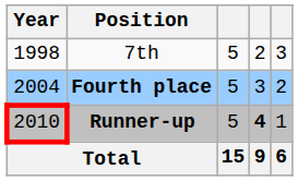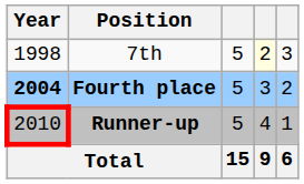 <table class="wikitable" style="text-align: center;font-size:90%;">
 <tr>
 <th>Year</th>
 <th>Position</th>
 <th></th>
 <th></th>
 <th></th>
 </tr>
 <tr>
 <td> 1998</td>
 <td>7th</td>
 <td>5</td>
-<td>2</td>
+<td style="background: lightyellow;">2</td>
 <td>3</td>
 </tr>
 <tr bgcolor=9acdff>
-<td> 2004</td>
+<td><strong> 2004</strong></td>
 <td><strong>Fourth place</strong></td>
 <td>5</td>
 <td>3</td>
 <td>2</td>
 </tr>
 <tr bgcolor=silver>
 <td style="border: 3px solid red"> 2010</td>
 <td><strong>Runner-up</strong></td>
 <td>5</td>
-<td><strong>4</strong></td>
+<td>4</td>
 <td>1</td>
 </tr>
 <tr>
 <th colspan=2 align=left>Total</th>
 <th>15</th>
 <th>9</th>
 <th>6</th>
 </tr>
 </table>
